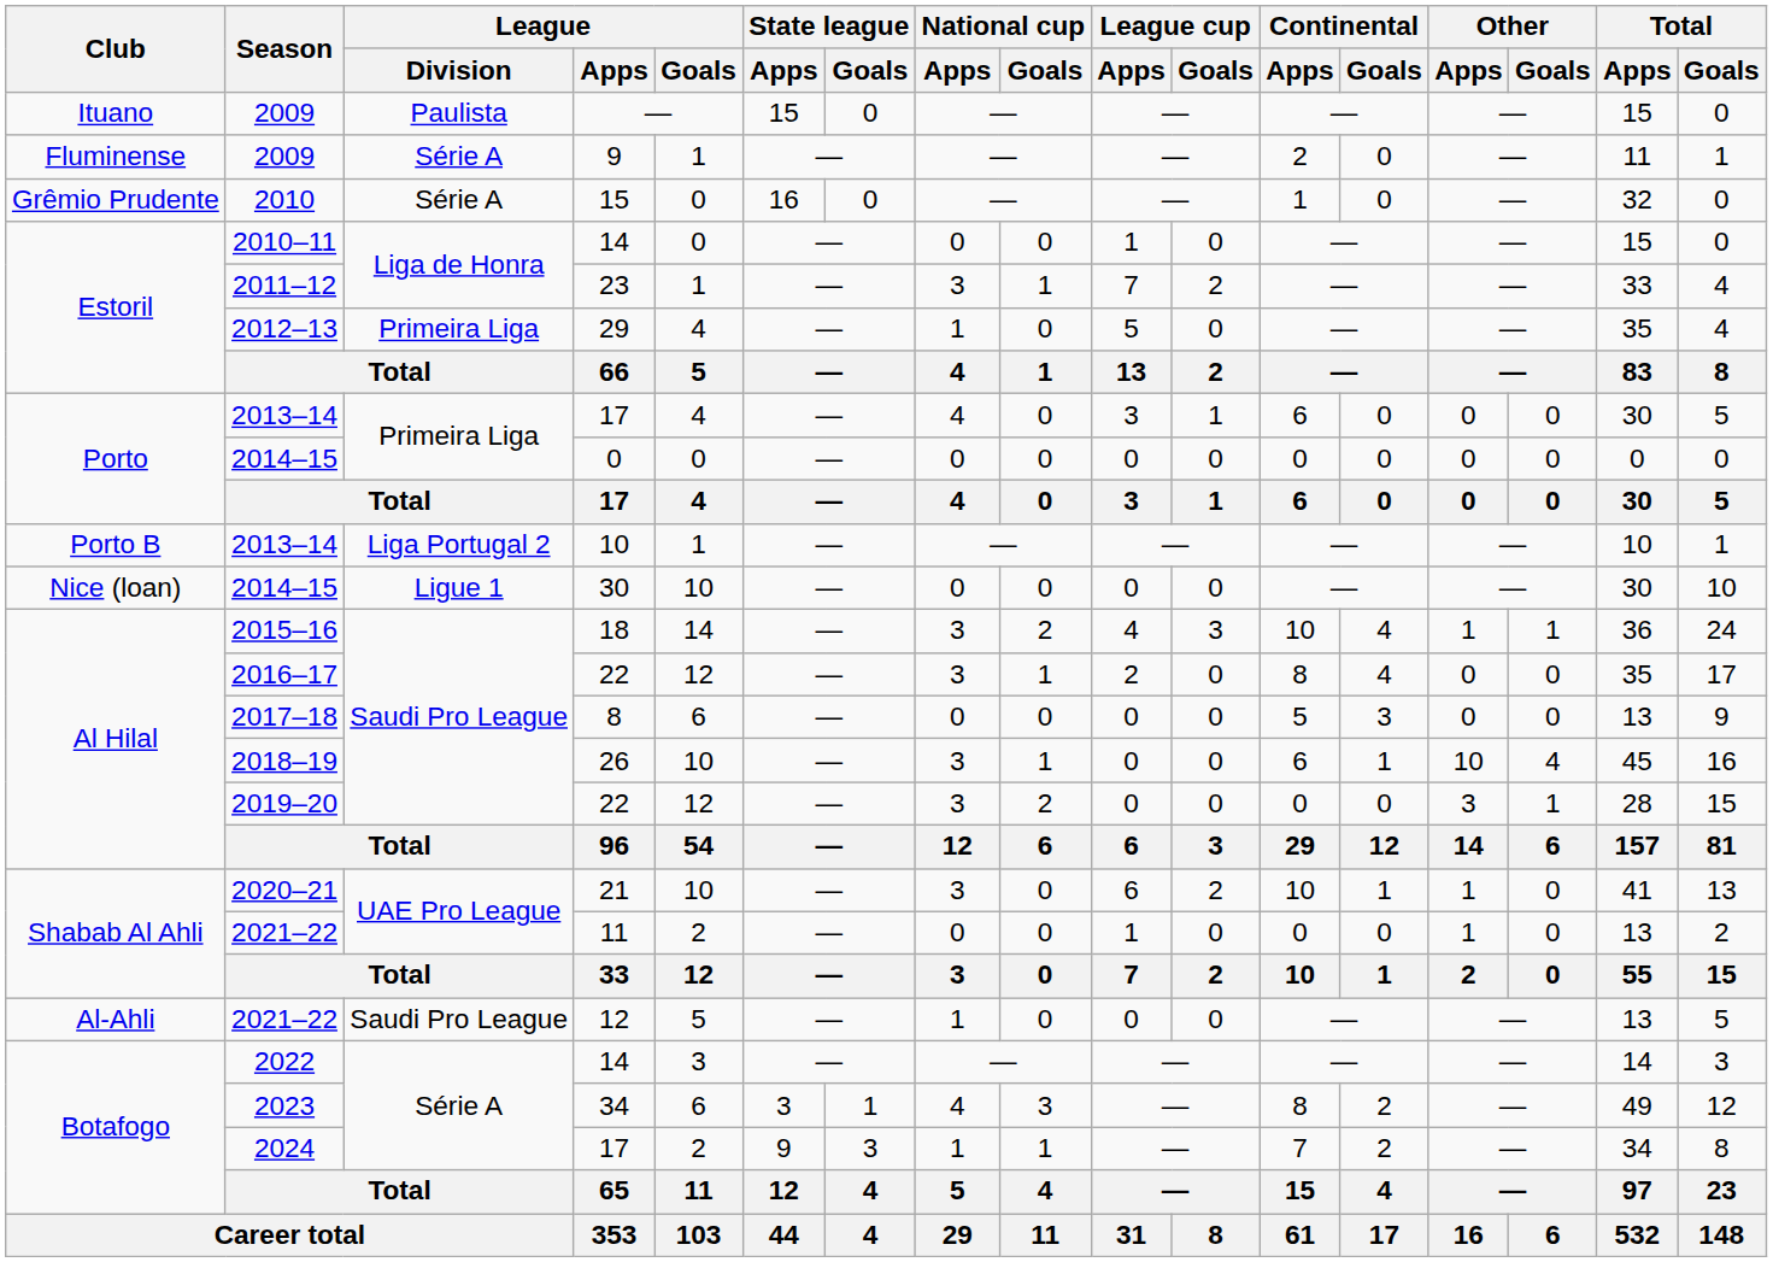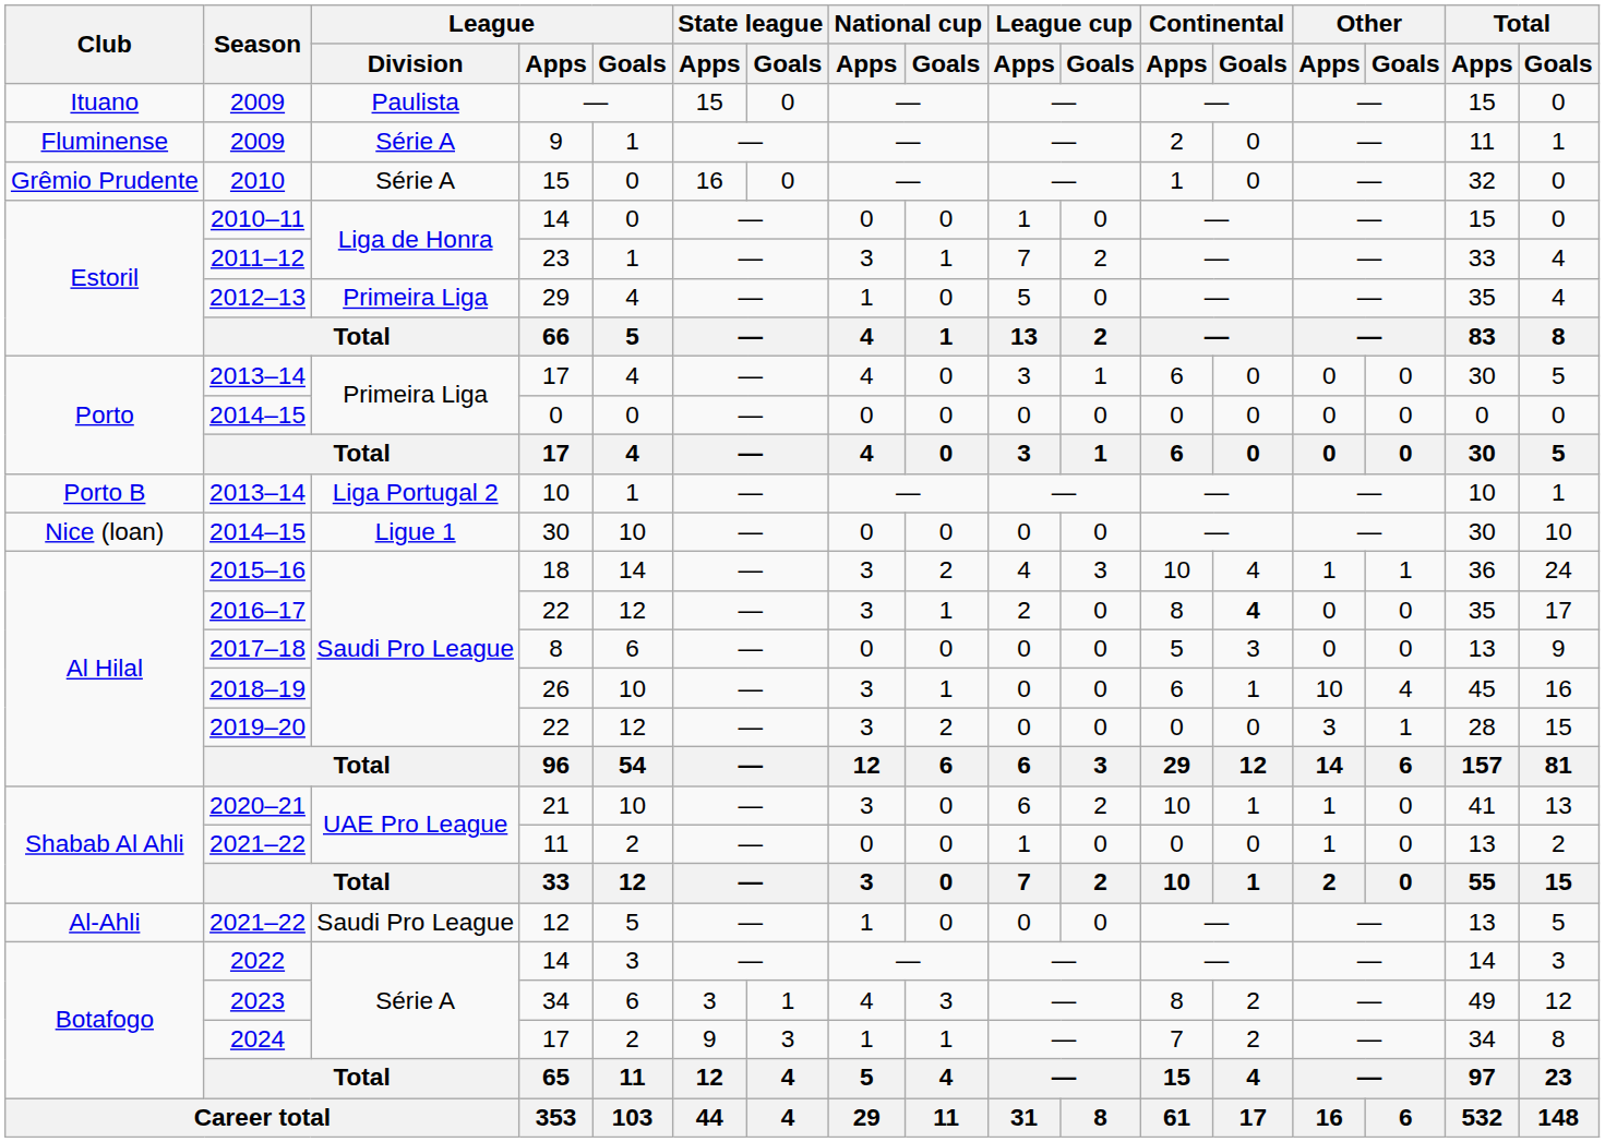 <table class="wikitable" style="text-align: center;">
 <tr>
 <th rowspan="2">Club</th>
 <th rowspan="2">Season</th>
 <th colspan="3">League</th>
 <th colspan="2">State league</th>
 <th colspan="2">National cup</th>
 <th colspan="2">League cup</th>
 <th colspan="2">Continental</th>
 <th colspan="2">Other</th>
 <th colspan="2">Total</th>
 </tr>
 <tr>
 <th>Division</th>
 <th>Apps</th>
 <th>Goals</th>
 <th>Apps</th>
 <th>Goals</th>
 <th>Apps</th>
 <th>Goals</th>
 <th>Apps</th>
 <th>Goals</th>
 <th>Apps</th>
 <th>Goals</th>
 <th>Apps</th>
 <th>Goals</th>
 <th>Apps</th>
 <th>Goals</th>
 </tr>
 <tr>
 <td><a href='#'>Ituano</a></td>
 <td><a href='#'>2009</a></td>
 <td><a href='#'>Paulista</a></td>
 <td colspan="2">—</td>
 <td>15</td>
 <td>0</td>
 <td colspan="2">—</td>
 <td colspan="2">—</td>
 <td colspan="2">—</td>
 <td colspan="2">—</td>
 <td>15</td>
 <td>0</td>
 </tr>
 <tr>
 <td><a href='#'>Fluminense</a></td>
 <td><a href='#'>2009</a></td>
 <td><a href='#'>Série A</a></td>
 <td>9</td>
 <td>1</td>
 <td colspan="2">—</td>
 <td colspan="2">—</td>
 <td colspan="2">—</td>
 <td>2</td>
 <td>0</td>
 <td colspan="2">—</td>
 <td>11</td>
 <td>1</td>
 </tr>
 <tr>
 <td><a href='#'>Grêmio Prudente</a></td>
 <td><a href='#'>2010</a></td>
 <td>Série A</td>
 <td>15</td>
 <td>0</td>
 <td>16</td>
 <td>0</td>
 <td colspan="2">—</td>
 <td colspan="2">—</td>
 <td>1</td>
 <td>0</td>
 <td colspan="2">—</td>
 <td>32</td>
 <td>0</td>
 </tr>
 <tr>
 <td rowspan="4"><a href='#'>Estoril</a></td>
 <td><a href='#'>2010–11</a></td>
 <td rowspan="2"><a href='#'>Liga de Honra</a></td>
 <td>14</td>
 <td>0</td>
 <td colspan="2">—</td>
 <td>0</td>
 <td>0</td>
 <td>1</td>
 <td>0</td>
 <td colspan="2">—</td>
 <td colspan="2">—</td>
 <td>15</td>
 <td>0</td>
 </tr>
 <tr>
 <td><a href='#'>2011–12</a></td>
 <td>23</td>
 <td>1</td>
 <td colspan="2">—</td>
 <td>3</td>
 <td>1</td>
 <td>7</td>
 <td>2</td>
 <td colspan="2">—</td>
 <td colspan="2">—</td>
 <td>33</td>
 <td>4</td>
 </tr>
 <tr>
 <td><a href='#'>2012–13</a></td>
 <td><a href='#'>Primeira Liga</a></td>
 <td>29</td>
 <td>4</td>
 <td colspan="2">—</td>
 <td>1</td>
 <td>0</td>
 <td>5</td>
 <td>0</td>
 <td colspan="2">—</td>
 <td colspan="2">—</td>
 <td>35</td>
 <td>4</td>
 </tr>
 <tr>
 <th colspan="2">Total</th>
 <th>66</th>
 <th>5</th>
 <th colspan="2">—</th>
 <th>4</th>
 <th>1</th>
 <th>13</th>
 <th>2</th>
 <th colspan="2">—</th>
 <th colspan="2">—</th>
 <th>83</th>
 <th>8</th>
 </tr>
 <tr>
 <td rowspan="3"><a href='#'>Porto</a></td>
 <td><a href='#'>2013–14</a></td>
 <td rowspan="2">Primeira Liga</td>
 <td>17</td>
 <td>4</td>
 <td colspan="2">—</td>
 <td>4</td>
 <td>0</td>
 <td>3</td>
 <td>1</td>
 <td>6</td>
 <td>0</td>
 <td>0</td>
 <td>0</td>
 <td>30</td>
 <td>5</td>
 </tr>
 <tr>
 <td><a href='#'>2014–15</a></td>
 <td>0</td>
 <td>0</td>
 <td colspan="2">—</td>
 <td>0</td>
 <td>0</td>
 <td>0</td>
 <td>0</td>
 <td>0</td>
 <td>0</td>
 <td>0</td>
 <td>0</td>
 <td>0</td>
 <td>0</td>
 </tr>
 <tr>
 <th colspan="2">Total</th>
 <th>17</th>
 <th>4</th>
 <th colspan="2">—</th>
 <th>4</th>
 <th>0</th>
 <th>3</th>
 <th>1</th>
 <th>6</th>
 <th>0</th>
 <th>0</th>
 <th>0</th>
 <th>30</th>
 <th>5</th>
 </tr>
 <tr>
 <td><a href='#'>Porto B</a></td>
 <td><a href='#'>2013–14</a></td>
 <td><a href='#'>Liga Portugal 2</a></td>
 <td>10</td>
 <td>1</td>
 <td colspan="2">—</td>
 <td colspan="2">—</td>
 <td colspan="2">—</td>
 <td colspan="2">—</td>
 <td colspan="2">—</td>
 <td>10</td>
 <td>1</td>
 </tr>
 <tr>
 <td><a href='#'>Nice</a> (loan)</td>
 <td><a href='#'>2014–15</a></td>
 <td><a href='#'>Ligue 1</a></td>
 <td>30</td>
 <td>10</td>
 <td colspan="2">—</td>
 <td>0</td>
 <td>0</td>
 <td>0</td>
 <td>0</td>
 <td colspan="2">—</td>
 <td colspan="2">—</td>
 <td>30</td>
 <td>10</td>
 </tr>
 <tr>
 <td rowspan="6"><a href='#'>Al Hilal</a></td>
 <td><a href='#'>2015–16</a></td>
 <td rowspan="5"><a href='#'>Saudi Pro League</a></td>
 <td>18</td>
 <td>14</td>
 <td colspan="2">—</td>
 <td>3</td>
 <td>2</td>
 <td>4</td>
 <td>3</td>
 <td>10</td>
 <td>4</td>
 <td>1</td>
 <td>1</td>
 <td>36</td>
 <td>24</td>
 </tr>
 <tr>
 <td><a href='#'>2016–17</a></td>
 <td>22</td>
 <td>12</td>
 <td colspan="2">—</td>
 <td>3</td>
 <td>1</td>
 <td>2</td>
 <td>0</td>
 <td>8</td>
-<td>4</td>
+<td><strong>4</strong></td>
 <td>0</td>
 <td>0</td>
 <td>35</td>
 <td>17</td>
 </tr>
 <tr>
 <td><a href='#'>2017–18</a></td>
 <td>8</td>
 <td>6</td>
 <td colspan="2">—</td>
 <td>0</td>
 <td>0</td>
 <td>0</td>
 <td>0</td>
 <td>5</td>
 <td>3</td>
 <td>0</td>
 <td>0</td>
 <td>13</td>
 <td>9</td>
 </tr>
 <tr>
 <td><a href='#'>2018–19</a></td>
 <td>26</td>
 <td>10</td>
 <td colspan="2">—</td>
 <td>3</td>
 <td>1</td>
 <td>0</td>
 <td>0</td>
 <td>6</td>
 <td>1</td>
 <td>10</td>
 <td>4</td>
 <td>45</td>
 <td>16</td>
 </tr>
 <tr>
 <td><a href='#'>2019–20</a></td>
 <td>22</td>
 <td>12</td>
 <td colspan="2">—</td>
 <td>3</td>
 <td>2</td>
 <td>0</td>
 <td>0</td>
 <td>0</td>
 <td>0</td>
 <td>3</td>
 <td>1</td>
 <td>28</td>
 <td>15</td>
 </tr>
 <tr>
 <th colspan="2">Total</th>
 <th>96</th>
 <th>54</th>
 <th colspan="2">—</th>
 <th>12</th>
 <th>6</th>
 <th>6</th>
 <th>3</th>
 <th>29</th>
 <th>12</th>
 <th>14</th>
 <th>6</th>
 <th>157</th>
 <th>81</th>
 </tr>
 <tr>
 <td rowspan="3"><a href='#'>Shabab Al Ahli</a></td>
 <td><a href='#'>2020–21</a></td>
 <td rowspan="2"><a href='#'>UAE Pro League</a></td>
 <td>21</td>
 <td>10</td>
 <td colspan="2">—</td>
 <td>3</td>
 <td>0</td>
 <td>6</td>
 <td>2</td>
 <td>10</td>
 <td>1</td>
 <td>1</td>
 <td>0</td>
 <td>41</td>
 <td>13</td>
 </tr>
 <tr>
 <td><a href='#'>2021–22</a></td>
 <td>11</td>
 <td>2</td>
 <td colspan="2">—</td>
 <td>0</td>
 <td>0</td>
 <td>1</td>
 <td>0</td>
 <td>0</td>
 <td>0</td>
 <td>1</td>
 <td>0</td>
 <td>13</td>
 <td>2</td>
 </tr>
 <tr>
 <th colspan="2">Total</th>
 <th>33</th>
 <th>12</th>
 <th colspan="2">—</th>
 <th>3</th>
 <th>0</th>
 <th>7</th>
 <th>2</th>
 <th>10</th>
 <th>1</th>
 <th>2</th>
 <th>0</th>
 <th>55</th>
 <th>15</th>
 </tr>
 <tr>
 <td><a href='#'>Al-Ahli</a></td>
 <td><a href='#'>2021–22</a></td>
 <td>Saudi Pro League</td>
 <td>12</td>
 <td>5</td>
 <td colspan="2">—</td>
 <td>1</td>
 <td>0</td>
 <td>0</td>
 <td>0</td>
 <td colspan="2">—</td>
 <td colspan="2">—</td>
 <td>13</td>
 <td>5</td>
 </tr>
 <tr>
 <td rowspan="4"><a href='#'>Botafogo</a></td>
 <td><a href='#'>2022</a></td>
 <td rowspan="3">Série A</td>
 <td>14</td>
 <td>3</td>
 <td colspan="2">—</td>
 <td colspan="2">—</td>
 <td colspan="2">—</td>
 <td colspan="2">—</td>
 <td colspan="2">—</td>
 <td>14</td>
 <td>3</td>
 </tr>
 <tr>
 <td><a href='#'>2023</a></td>
 <td>34</td>
 <td>6</td>
 <td>3</td>
 <td>1</td>
 <td>4</td>
 <td>3</td>
 <td colspan="2">—</td>
 <td>8</td>
 <td>2</td>
 <td colspan="2">—</td>
 <td>49</td>
 <td>12</td>
 </tr>
 <tr>
 <td><a href='#'>2024</a></td>
 <td>17</td>
 <td>2</td>
 <td>9</td>
 <td>3</td>
 <td>1</td>
 <td>1</td>
 <td colspan="2">—</td>
 <td>7</td>
 <td>2</td>
 <td colspan="2">—</td>
 <td>34</td>
 <td>8</td>
 </tr>
 <tr>
 <th colspan="2">Total</th>
 <th>65</th>
 <th>11</th>
 <th>12</th>
 <th>4</th>
 <th>5</th>
 <th>4</th>
 <th colspan="2">—</th>
 <th>15</th>
 <th>4</th>
 <th colspan="2">—</th>
 <th>97</th>
 <th>23</th>
 </tr>
 <tr>
 <th colspan="3">Career total</th>
 <th>353</th>
 <th>103</th>
 <th>44</th>
 <th>4</th>
 <th>29</th>
 <th>11</th>
 <th>31</th>
 <th>8</th>
 <th>61</th>
 <th>17</th>
 <th>16</th>
 <th>6</th>
 <th>532</th>
 <th>148</th>
 </tr>
 </table>
